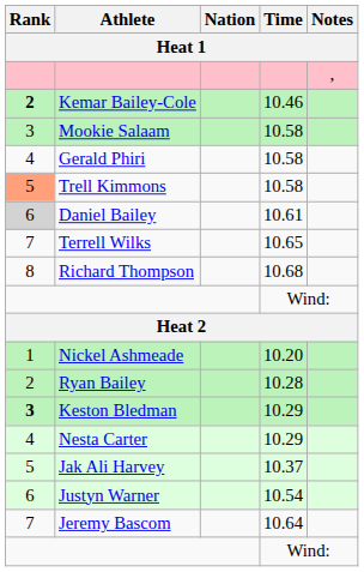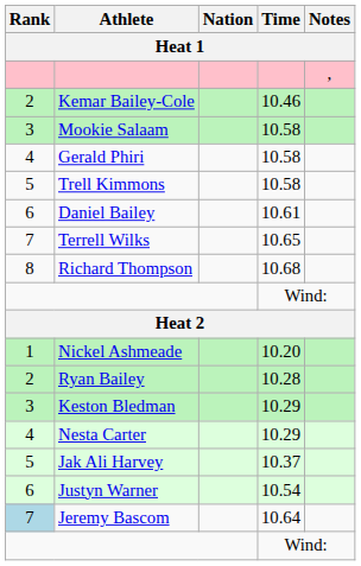 <table class="wikitable" style="text-align:center;">
 <tr>
 <th scope="col" style="width: 10px;">Rank</th>
 <th scope="col">Athlete</th>
 <th scope="col">Nation</th>
 <th scope="col">Time</th>
 <th scope="col">Notes</th>
 </tr>
 <tr>
 <th colspan="5" align="center">Heat 1</th>
 </tr>
 <tr bgcolor=pink>
 <td></td>
 <td align=left></td>
 <td align=left></td>
 <td></td>
 <td>, </td>
 </tr>
 <tr bgcolor=#bbf3bb>
-<td><strong>2</strong></td>
+<td>2</td>
 <td align=left><a href='#'>Kemar Bailey-Cole</a></td>
 <td align=left></td>
 <td>10.46</td>
 <td></td>
 </tr>
 <tr bgcolor=#bbf3bb>
 <td>3</td>
 <td align=left><a href='#'>Mookie Salaam</a></td>
 <td align=left></td>
 <td>10.58</td>
 <td></td>
 </tr>
 <tr>
 <td>4</td>
 <td align=left><a href='#'>Gerald Phiri</a></td>
 <td align=left></td>
 <td>10.58</td>
 <td></td>
 </tr>
 <tr>
-<td style="background: lightsalmon;">5</td>
+<td>5</td>
 <td align=left><a href='#'>Trell Kimmons</a></td>
 <td align=left></td>
 <td>10.58</td>
 <td></td>
 </tr>
 <tr>
-<td style="background: lightgrey;">6</td>
+<td>6</td>
 <td align=left><a href='#'>Daniel Bailey</a></td>
 <td align=left></td>
 <td>10.61</td>
 <td></td>
 </tr>
 <tr>
 <td>7</td>
 <td align=left><a href='#'>Terrell Wilks</a></td>
 <td align=left></td>
 <td>10.65</td>
 <td></td>
 </tr>
 <tr>
 <td>8</td>
 <td align=left><a href='#'>Richard Thompson</a></td>
 <td align=left></td>
 <td>10.68</td>
 <td></td>
 </tr>
 <tr>
 <td colspan="3"></td>
 <td colspan="2">Wind: </td>
 </tr>
 <tr>
 <th align=center colspan=5>Heat 2</th>
 </tr>
 <tr bgcolor=#bbf3bb>
 <td>1</td>
 <td align=left><a href='#'>Nickel Ashmeade</a></td>
 <td align=left></td>
 <td>10.20</td>
 <td></td>
 </tr>
 <tr bgcolor=#bbf3bb>
 <td>2</td>
 <td align=left><a href='#'>Ryan Bailey</a></td>
 <td align=left></td>
 <td>10.28</td>
 <td></td>
 </tr>
 <tr bgcolor=#bbf3bb>
-<td><strong>3</strong></td>
+<td>3</td>
 <td align=left><a href='#'>Keston Bledman</a></td>
 <td align=left></td>
 <td>10.29</td>
 <td></td>
 </tr>
 <tr bgcolor=#ddffdd>
 <td>4</td>
 <td align=left><a href='#'>Nesta Carter</a></td>
 <td align=left></td>
 <td>10.29</td>
 <td></td>
 </tr>
 <tr bgcolor=#ddffdd>
 <td>5</td>
 <td align=left><a href='#'>Jak Ali Harvey</a></td>
 <td align=left></td>
 <td>10.37</td>
 <td></td>
 </tr>
 <tr bgcolor=#ddffdd>
 <td>6</td>
 <td align=left><a href='#'>Justyn Warner</a></td>
 <td align=left></td>
 <td>10.54</td>
 <td></td>
 </tr>
 <tr>
-<td>7</td>
+<td style="background: lightblue;">7</td>
 <td align=left><a href='#'>Jeremy Bascom</a></td>
 <td align=left></td>
 <td>10.64</td>
 <td></td>
 </tr>
 <tr class="sortbottom">
 <td colspan="3"></td>
 <td colspan="2">Wind: </td>
 </tr>
 </table>
